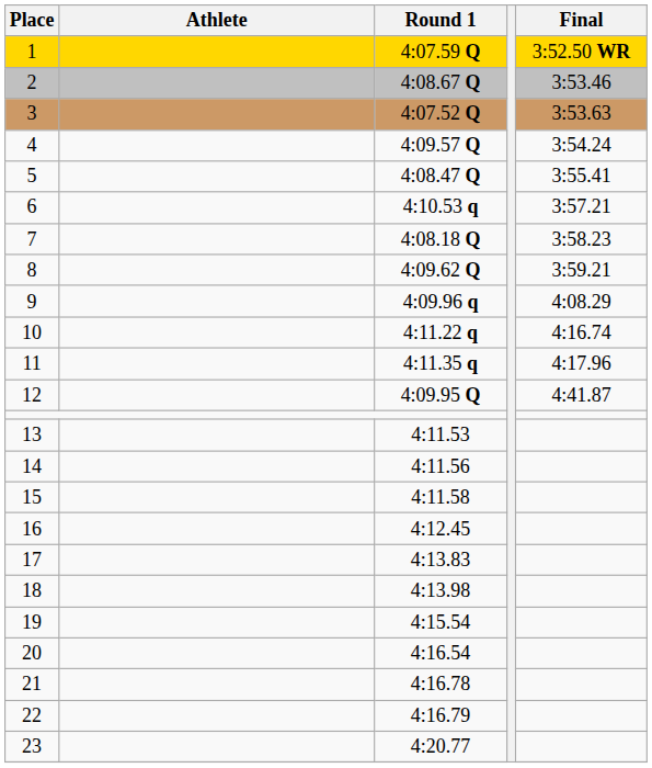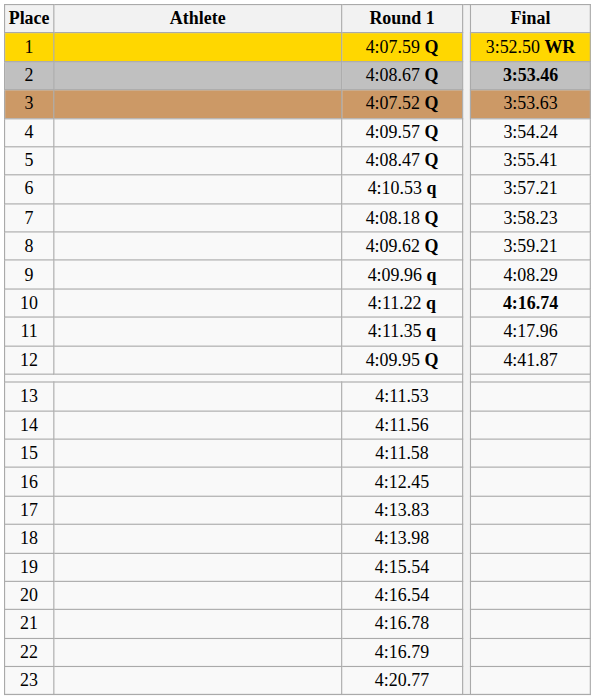 <table class="wikitable" style="text-align:center">
 <tr>
 <th>Place</th>
 <th width=250>Athlete</th>
 <th width=100>Round 1</th>
 <th rowspan=31></th>
 <th width=100>Final</th>
 </tr>
 <tr bgcolor=gold>
 <td>1</td>
 <td align=left></td>
 <td>4:07.59 <strong>Q</strong></td>
 <td>3:52.50 <strong>WR</strong></td>
 </tr>
 <tr bgcolor=silver>
 <td>2</td>
 <td align=left></td>
 <td>4:08.67 <strong>Q</strong></td>
-<td>3:53.46</td>
+<td><strong>3:53.46</strong></td>
 </tr>
 <tr bgcolor=cc9966>
 <td>3</td>
 <td align=left></td>
 <td>4:07.52 <strong>Q</strong></td>
 <td>3:53.63</td>
 </tr>
 <tr>
 <td>4</td>
 <td align=left></td>
 <td>4:09.57 <strong>Q</strong></td>
 <td>3:54.24</td>
 </tr>
 <tr>
 <td>5</td>
 <td align=left></td>
 <td>4:08.47 <strong>Q</strong></td>
 <td>3:55.41</td>
 </tr>
 <tr>
 <td>6</td>
 <td align=left></td>
 <td>4:10.53 <strong>q</strong></td>
 <td>3:57.21</td>
 </tr>
 <tr>
 <td>7</td>
 <td align=left></td>
 <td>4:08.18 <strong>Q</strong></td>
 <td>3:58.23</td>
 </tr>
 <tr>
 <td>8</td>
 <td align=left></td>
 <td>4:09.62 <strong>Q</strong></td>
 <td>3:59.21</td>
 </tr>
 <tr>
 <td>9</td>
 <td align=left></td>
 <td>4:09.96 <strong>q</strong></td>
 <td>4:08.29</td>
 </tr>
 <tr>
 <td>10</td>
 <td align=left></td>
 <td>4:11.22 <strong>q</strong></td>
-<td>4:16.74</td>
+<td><strong>4:16.74</strong></td>
 </tr>
 <tr>
 <td>11</td>
 <td align=left></td>
 <td>4:11.35 <strong>q</strong></td>
 <td>4:17.96</td>
 </tr>
 <tr>
 <td>12</td>
 <td align=left></td>
 <td>4:09.95 <strong>Q</strong></td>
 <td>4:41.87</td>
 </tr>
 <tr>
 <td colspan=10></td>
 </tr>
 <tr>
 <td>13</td>
 <td align=left></td>
 <td>4:11.53</td>
 <td></td>
 </tr>
 <tr>
 <td>14</td>
 <td align=left></td>
 <td>4:11.56</td>
 <td></td>
 </tr>
 <tr>
 <td>15</td>
 <td align=left></td>
 <td>4:11.58</td>
 <td></td>
 </tr>
 <tr>
 <td>16</td>
 <td align=left></td>
 <td>4:12.45</td>
 <td></td>
 </tr>
 <tr>
 <td>17</td>
 <td align=left></td>
 <td>4:13.83</td>
 <td></td>
 </tr>
 <tr>
 <td>18</td>
 <td align=left></td>
 <td>4:13.98</td>
 <td></td>
 </tr>
 <tr>
 <td>19</td>
 <td align=left></td>
 <td>4:15.54</td>
 <td></td>
 </tr>
 <tr>
 <td>20</td>
 <td align=left></td>
 <td>4:16.54</td>
 <td></td>
 </tr>
 <tr>
 <td>21</td>
 <td align=left></td>
 <td>4:16.78</td>
 <td></td>
 </tr>
 <tr>
 <td>22</td>
 <td align=left></td>
 <td>4:16.79</td>
 <td></td>
 </tr>
 <tr>
 <td>23</td>
 <td align=left></td>
 <td>4:20.77</td>
 <td></td>
 </tr>
 <tr>
 </tr>
 </table>
